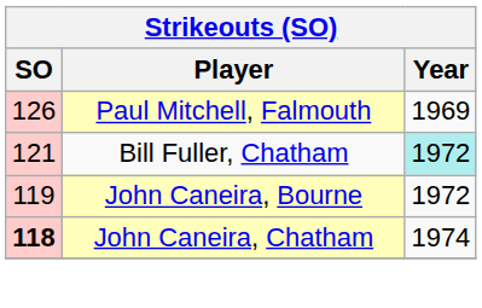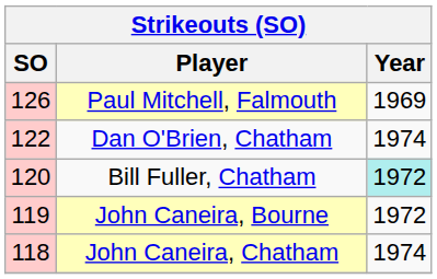 <table class="wikitable" style="display: inline-table; margin-right: 20px; text-align:center">
 <tr>
 <th colspan="3"><a href='#'>Strikeouts (SO)</a></th>
 </tr>
 <tr>
 <th scope="col" style="width: 25px;">SO</th>
 <th scope="col" style="width: 200px;">Player</th>
 <th scope="col" style="width: 25px;">Year</th>
 </tr>
 <tr>
 <td bgcolor=#ffcccc>126</td>
 <td !scope="row" style="background:#ffb;"><a href='#'>Paul Mitchell</a>, <a href='#'>Falmouth</a></td>
 <td>1969</td>
 </tr>
 <tr>
-<td bgcolor=#ffcccc>121</td>
+<td bgcolor=#ffcccc>122</td>
+<td><a href='#'>Dan O'Brien</a>, <a href='#'>Chatham</a></td>
+<td>1974</td>
+</tr>
+<tr>
+<td bgcolor=#ffcccc>120</td>
 <td>Bill Fuller, <a href='#'>Chatham</a></td>
 <td style="background: paleturquoise;">1972</td>
 </tr>
 <tr>
 <td bgcolor=#ffcccc>119</td>
 <td !scope="row" style="background:#ffb;"><a href='#'>John Caneira</a>, <a href='#'>Bourne</a></td>
 <td>1972</td>
 </tr>
 <tr>
-<td bgcolor=#ffcccc><strong>118</strong></td>
+<td bgcolor=#ffcccc>118</td>
 <td !scope="row" style="background:#ffb;"><a href='#'>John Caneira</a>, <a href='#'>Chatham</a></td>
 <td>1974</td>
 </tr>
 <tr>
 </tr>
 </table>
